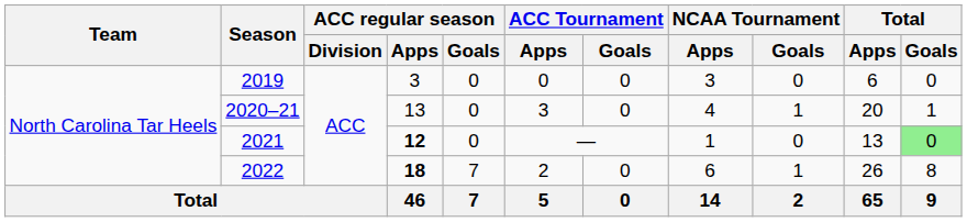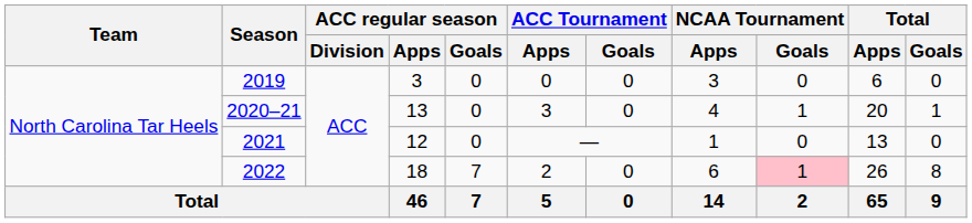 <table class="wikitable" style="text-align: center;">
 <tr>
 <th rowspan="2">Team</th>
 <th rowspan="2">Season</th>
 <th colspan="3">ACC regular season</th>
 <th colspan="2"><a href='#'>ACC Tournament</a></th>
 <th colspan="2">NCAA Tournament</th>
 <th colspan="2">Total</th>
 </tr>
 <tr>
 <th>Division</th>
 <th>Apps</th>
 <th>Goals</th>
 <th>Apps</th>
 <th>Goals</th>
 <th>Apps</th>
 <th>Goals</th>
 <th>Apps</th>
 <th>Goals</th>
 </tr>
 <tr>
 <td rowspan="4"><a href='#'>North Carolina Tar Heels</a></td>
 <td><a href='#'>2019</a></td>
 <td rowspan="4"><a href='#'>ACC</a></td>
 <td>3</td>
 <td>0</td>
 <td>0</td>
 <td>0</td>
 <td>3</td>
 <td>0</td>
 <td>6</td>
 <td>0</td>
 </tr>
 <tr>
 <td><a href='#'>2020–21</a></td>
 <td>13</td>
 <td>0</td>
 <td>3</td>
 <td>0</td>
 <td>4</td>
 <td>1</td>
 <td>20</td>
 <td>1</td>
 </tr>
 <tr>
 <td><a href='#'>2021</a></td>
-<td><strong>12</strong></td>
+<td>12</td>
 <td>0</td>
 <td colspan="2">—</td>
 <td>1</td>
 <td>0</td>
 <td>13</td>
-<td style="background: lightgreen;">0</td>
+<td>0</td>
 </tr>
 <tr>
 <td><a href='#'>2022</a></td>
-<td><strong>18</strong></td>
+<td>18</td>
 <td>7</td>
 <td>2</td>
 <td>0</td>
 <td>6</td>
-<td>1</td>
+<td style="background: pink;">1</td>
 <td>26</td>
 <td>8</td>
 </tr>
 <tr>
 <th colspan="3">Total</th>
 <th>46</th>
 <th>7</th>
 <th>5</th>
 <th>0</th>
 <th>14</th>
 <th>2</th>
 <th>65</th>
 <th>9</th>
 </tr>
 </table>
